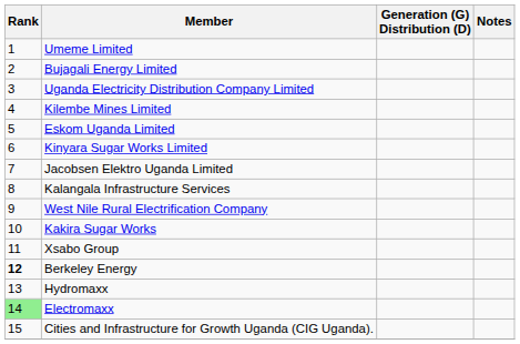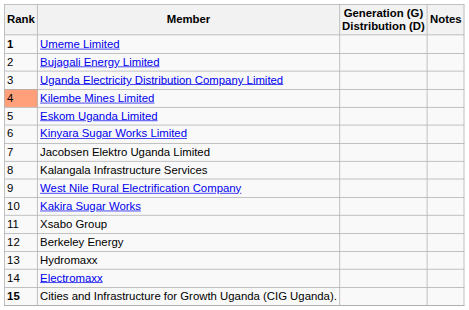 <table class="wikitable sortable" style="margin: 0.5em auto">
 <tr>
 <th>Rank</th>
 <th>Member</th>
 <th>Generation (G)<br>Distribution (D)</th>
 <th>Notes</th>
 </tr>
 <tr>
-<td>1</td>
+<td><strong>1</strong></td>
 <td><a href='#'>Umeme Limited</a></td>
 <td></td>
 <td></td>
 </tr>
 <tr>
 <td>2</td>
 <td><a href='#'>Bujagali Energy Limited</a></td>
 <td></td>
 <td></td>
 </tr>
 <tr>
 <td>3</td>
 <td><a href='#'>Uganda Electricity Distribution Company Limited</a></td>
 <td></td>
 <td></td>
 </tr>
 <tr>
-<td>4</td>
+<td style="background: lightsalmon;">4</td>
 <td><a href='#'>Kilembe Mines Limited</a></td>
 <td></td>
 <td></td>
 </tr>
 <tr>
 <td>5</td>
 <td><a href='#'>Eskom Uganda Limited</a></td>
 <td></td>
 <td></td>
 </tr>
 <tr>
 <td>6</td>
 <td><a href='#'>Kinyara Sugar Works Limited</a></td>
 <td></td>
 <td></td>
 </tr>
 <tr>
 <td>7</td>
 <td>Jacobsen Elektro Uganda Limited</td>
 <td></td>
 <td></td>
 </tr>
 <tr>
 <td>8</td>
 <td>Kalangala Infrastructure Services</td>
 <td></td>
 <td></td>
 </tr>
 <tr>
 <td>9</td>
 <td><a href='#'>West Nile Rural Electrification Company</a></td>
 <td></td>
 <td></td>
 </tr>
 <tr>
 <td>10</td>
 <td><a href='#'>Kakira Sugar Works</a></td>
 <td></td>
 <td></td>
 </tr>
 <tr>
 <td>11</td>
 <td>Xsabo Group</td>
 <td></td>
 <td></td>
 </tr>
 <tr>
-<td><strong>12</strong></td>
+<td>12</td>
 <td>Berkeley Energy</td>
 <td></td>
 <td></td>
 </tr>
 <tr>
 <td>13</td>
 <td>Hydromaxx</td>
 <td></td>
 <td></td>
 </tr>
 <tr>
-<td style="background: lightgreen;">14</td>
+<td>14</td>
 <td><a href='#'>Electromaxx</a></td>
 <td></td>
 <td></td>
 </tr>
 <tr>
-<td>15</td>
+<td><strong>15</strong></td>
 <td>Cities and Infrastructure for Growth Uganda (CIG Uganda).</td>
 <td></td>
 <td></td>
 </tr>
 <tr>
 </tr>
 </table>
